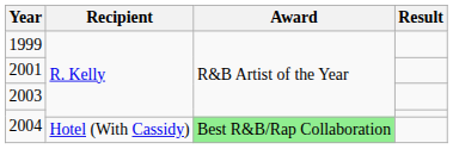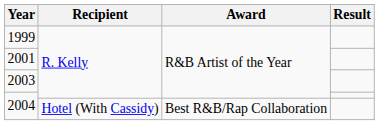 <table class="wikitable">
 <tr>
 <th>Year</th>
 <th>Recipient</th>
 <th>Award</th>
 <th>Result</th>
 </tr>
 <tr>
 <td>1999</td>
 <td rowspan="4"><a href='#'>R. Kelly</a></td>
 <td rowspan="4">R&B Artist of the Year</td>
 <td></td>
 </tr>
 <tr>
 <td>2001</td>
 <td></td>
 </tr>
 <tr>
 <td>2003</td>
 <td></td>
 </tr>
 <tr>
 <td rowspan="2">2004</td>
 <td></td>
 </tr>
 <tr>
 <td><a href='#'>Hotel</a> (With <a href='#'>Cassidy</a>)</td>
-<td style="background: lightgreen;">Best R&B/Rap Collaboration</td>
+<td>Best R&B/Rap Collaboration</td>
 <td></td>
 </tr>
 </table>
